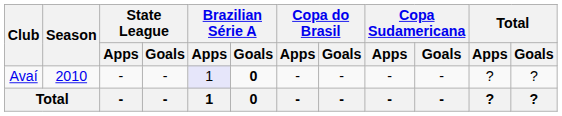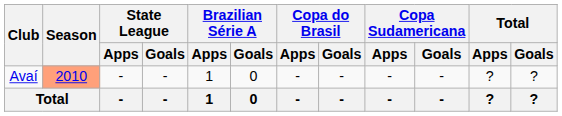 <table class="wikitable" style="text-align: center;">
 <tr>
 <th rowspan="2">Club</th>
 <th rowspan="2">Season</th>
 <th colspan="2">State League</th>
 <th colspan="2"><a href='#'>Brazilian Série A</a></th>
 <th colspan="2"><a href='#'>Copa do Brasil</a></th>
 <th colspan="2"><a href='#'>Copa Sudamericana</a></th>
 <th colspan="2">Total</th>
 </tr>
 <tr>
 <th>Apps</th>
 <th>Goals</th>
 <th>Apps</th>
 <th>Goals</th>
 <th>Apps</th>
 <th>Goals</th>
 <th>Apps</th>
 <th>Goals</th>
 <th>Apps</th>
 <th>Goals</th>
 </tr>
 <tr>
 <td rowspan="1" valign="center"><a href='#'>Avaí</a></td>
-<td><a href='#'>2010</a></td>
+<td style="background: lightsalmon;"><a href='#'>2010</a></td>
 <td>-</td>
 <td>-</td>
-<td style="background: lavender;">1</td>
-<td><strong>0</strong></td>
+<td>1</td>
+<td>0</td>
 <td>-</td>
 <td>-</td>
 <td>-</td>
 <td>-</td>
 <td>?</td>
 <td>?</td>
 </tr>
 <tr>
 <th colspan="2"><strong>Total</strong></th>
 <th>-</th>
 <th>-</th>
 <th>1</th>
 <th>0</th>
 <th>-</th>
 <th>-</th>
 <th>-</th>
 <th>-</th>
 <th>?</th>
 <th>?</th>
 </tr>
 </table>
